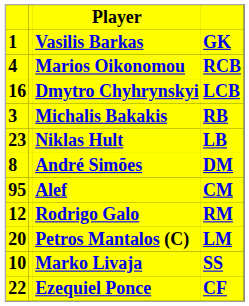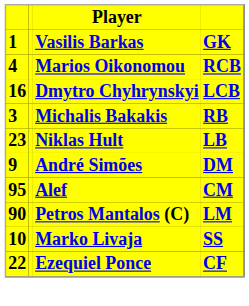 <table class="toccolours" border="0" cellpadding="2" cellspacing="0" align="center" style="margin: 0.5em 0 1em 1em; background: #000000; border: 1px #aaaaaa solid;">
 <tr bgcolor=#FFFF00>
 <th></th>
 <th></th>
 <th>Player</th>
 <th></th>
 </tr>
 <tr bgcolor=#FFFF00>
 <td><strong>1</strong></td>
 <td></td>
 <td><a href='#'><span><strong>Vasilis Barkas</strong></span></a></td>
 <td><a href='#'><strong>GK</strong></a></td>
 </tr>
 <tr bgcolor=#FFFF00>
 <td><strong>4</strong></td>
 <td></td>
 <td><a href='#'><span><strong>Marios Oikonomou</strong></span></a></td>
 <td><a href='#'><strong>RCB</strong></a></td>
 </tr>
 <tr bgcolor=#FFFF00>
 <td><strong>16</strong></td>
 <td></td>
 <td><a href='#'><span><strong>Dmytro Chyhrynskyi</strong></span></a></td>
 <td><a href='#'><strong>LCB</strong></a></td>
 </tr>
 <tr bgcolor=#FFFF00>
 <td><strong>3</strong></td>
 <td></td>
 <td><a href='#'><span><strong>Michalis Bakakis</strong></span></a></td>
 <td><a href='#'><strong>RB</strong></a></td>
 </tr>
 <tr bgcolor=#FFFF00>
 <td><strong>23</strong></td>
 <td></td>
 <td><a href='#'><span><strong>Niklas Hult</strong></span></a></td>
 <td><a href='#'><strong>LB</strong></a></td>
 </tr>
 <tr bgcolor=#FFFF00>
-<td><strong>8</strong></td>
+<td><strong>9</strong></td>
 <td></td>
 <td><a href='#'><span><strong>André Simões</strong></span></a></td>
 <td><a href='#'><strong>DM</strong></a></td>
 </tr>
 <tr bgcolor=#FFFF00>
 <td><strong>95</strong></td>
 <td></td>
 <td><a href='#'><span><strong>Alef</strong></span></a></td>
 <td><a href='#'><strong>CM</strong></a></td>
 </tr>
 <tr bgcolor=#FFFF00>
-<td><strong>12</strong></td>
-<td></td>
-<td><a href='#'><span><strong>Rodrigo Galo</strong></span></a></td>
-<td><a href='#'><strong>RM</strong></a></td>
-</tr>
-<tr bgcolor=#FFFF00>
-<td><strong>20</strong></td>
+<td><strong>90</strong></td>
 <td></td>
 <td><a href='#'><span><strong>Petros Mantalos</strong></span></a> <strong>(C)</strong></td>
 <td><a href='#'><strong>LM</strong></a></td>
 </tr>
 <tr bgcolor=#FFFF00>
 <td><strong>10</strong></td>
 <td></td>
 <td><a href='#'><span><strong>Marko Livaja</strong></span></a></td>
 <td><a href='#'><strong>SS</strong></a></td>
 </tr>
 <tr bgcolor=#FFFF00>
 <td><strong>22</strong></td>
 <td></td>
 <td><a href='#'><span><strong>Ezequiel Ponce</strong></span></a></td>
 <td><a href='#'><strong>CF</strong></a></td>
 </tr>
 </table>
